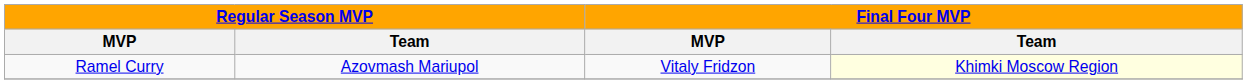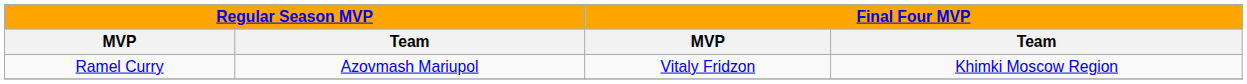 <table class="wikitable" style="text-align: center; width: 100%;">
 <tr>
 <td colspan=2 bgcolor="#FFA500"><strong><a href='#'>Regular Season MVP</a></strong></td>
 <td colspan=2 bgcolor="#FFA500"><strong><a href='#'>Final Four MVP</a></strong></td>
 </tr>
 <tr>
 <th>MVP</th>
 <th>Team</th>
 <th>MVP</th>
 <th>Team</th>
 </tr>
 <tr>
 <td> <a href='#'>Ramel Curry</a></td>
 <td> <a href='#'>Azovmash Mariupol</a></td>
 <td> <a href='#'>Vitaly Fridzon</a></td>
-<td style="background: lightyellow;"> <a href='#'>Khimki Moscow Region</a></td>
+<td> <a href='#'>Khimki Moscow Region</a></td>
 </tr>
 <tr>
 </tr>
 </table>
